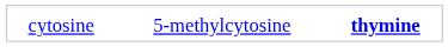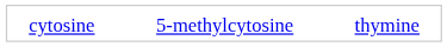 <table border="0" cellpadding="2" cellspacing="0" style="width:300px; font-size:85%; border:1px solid #ccc; margin:0.3em;">
 <tr>
 <td></td>
 <td></td>
 <td></td>
 </tr>
 <tr>
 <td align=center><a href='#'>cytosine</a></td>
 <td align=center><a href='#'>5-methylcytosine</a></td>
-<td align=center><strong><a href='#'>thymine</a></strong></td>
+<td align=center><a href='#'>thymine</a></td>
 </tr>
 </table>
